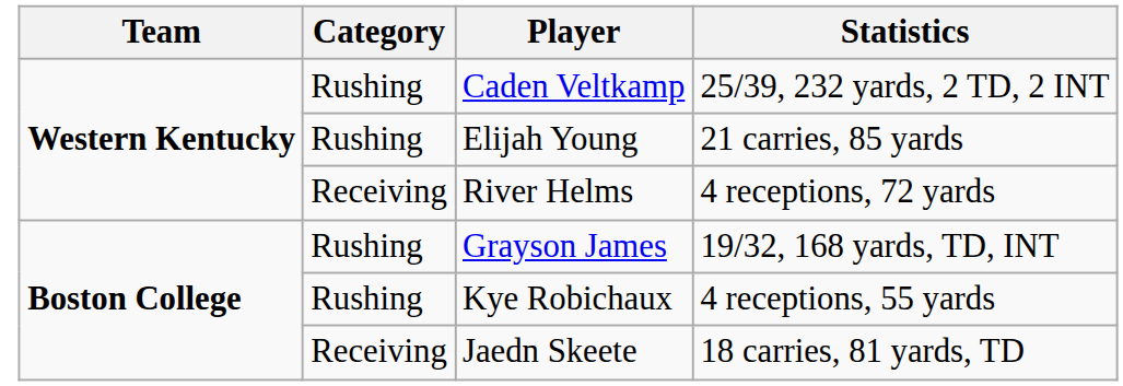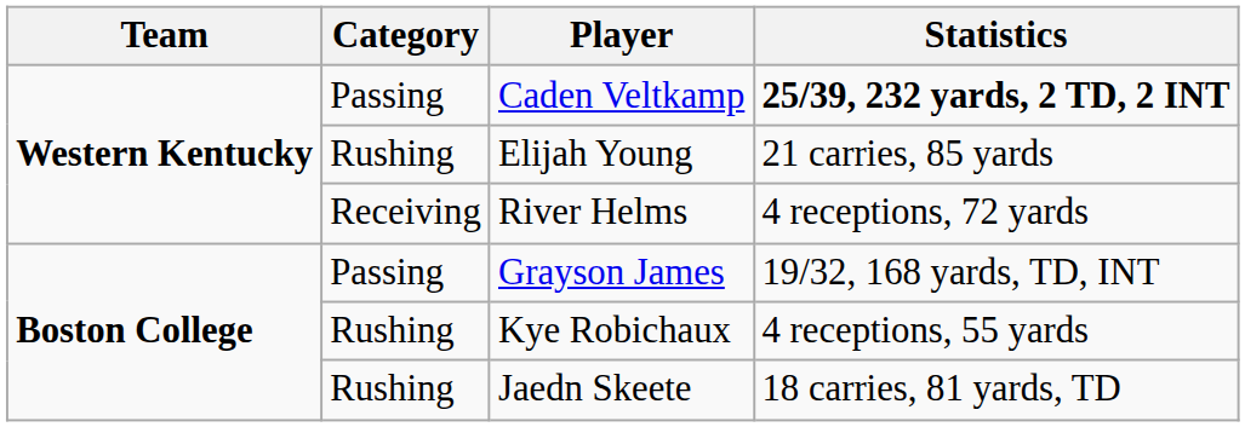 <table class="wikitable" style="float: right;">
 <tr>
 <th>Team</th>
 <th>Category</th>
 <th>Player</th>
 <th>Statistics</th>
 </tr>
 <tr>
 <td rowspan=3><strong>Western Kentucky</strong></td>
-<td>Rushing</td>
+<td>Passing</td>
 <td><a href='#'>Caden Veltkamp</a></td>
-<td>25/39, 232 yards, 2 TD, 2 INT</td>
+<td><strong>25/39, 232 yards, 2 TD, 2 INT</strong></td>
 </tr>
 <tr>
 <td>Rushing</td>
 <td>Elijah Young</td>
 <td>21 carries, 85 yards</td>
 </tr>
 <tr>
 <td>Receiving</td>
 <td>River Helms</td>
 <td>4 receptions, 72 yards</td>
 </tr>
 <tr>
 <td rowspan=3><strong>Boston College</strong></td>
-<td>Rushing</td>
+<td>Passing</td>
 <td><a href='#'>Grayson James</a></td>
 <td>19/32, 168 yards, TD, INT</td>
 </tr>
 <tr>
 <td>Rushing</td>
 <td>Kye Robichaux</td>
 <td>4 receptions, 55 yards</td>
 </tr>
 <tr>
-<td>Receiving</td>
+<td>Rushing</td>
 <td>Jaedn Skeete</td>
 <td>18 carries, 81 yards, TD</td>
 </tr>
 </table>
